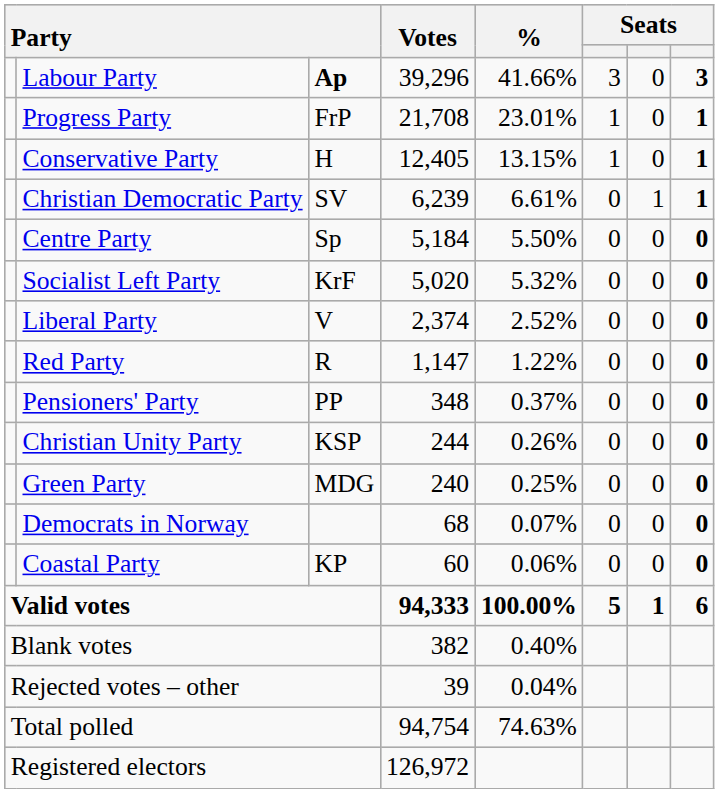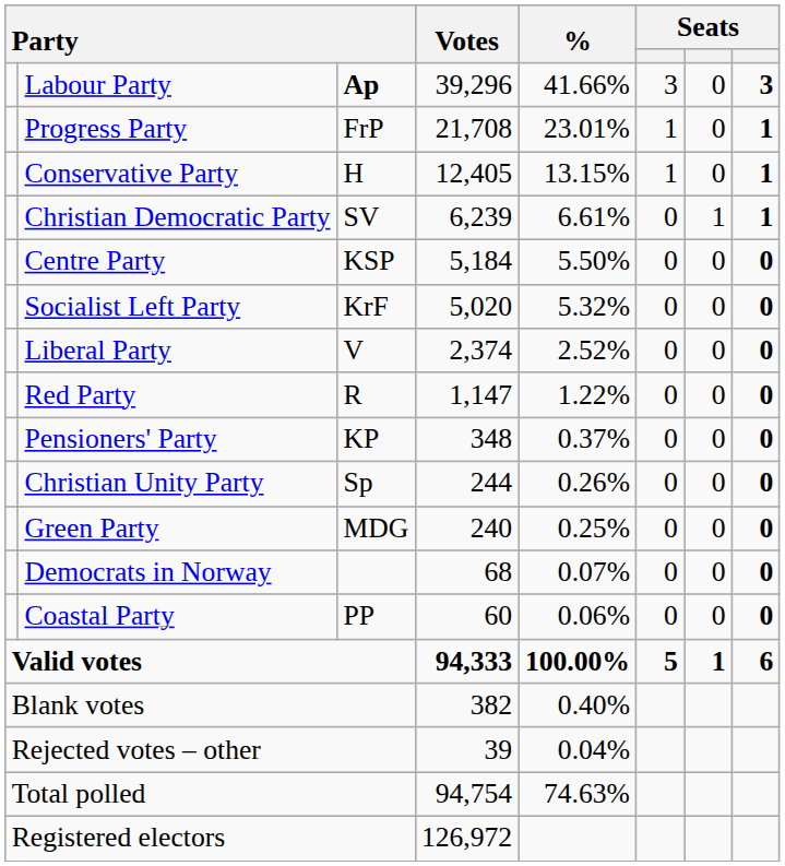 <table class="wikitable" border="1" style="text-align:right;">
 <tr>
 <th style="text-align:left;" valign=bottom rowspan=2 colspan=3>Party</th>
 <th align=center valign=bottom rowspan=2 width="50">Votes</th>
 <th align=center valign=bottom rowspan=2 width="50">%</th>
 <th colspan=3>Seats</th>
 </tr>
 <tr>
 <th align=center valign=bottom width="20"><small></small></th>
 <th align=center valign=bottom width="20"><small><a href='#'></a></small></th>
 <th align=center valign=bottom width="20"><small></small></th>
 </tr>
 <tr>
 <td style="color:inherit;background:"></td>
 <td align=left><a href='#'>Labour Party</a></td>
 <td align=left><strong>Ap</strong></td>
 <td>39,296</td>
 <td>41.66%</td>
 <td>3</td>
 <td>0</td>
 <td><strong>3</strong></td>
 </tr>
 <tr>
 <td style="color:inherit;background:"></td>
 <td align=left><a href='#'>Progress Party</a></td>
 <td align=left>FrP</td>
 <td>21,708</td>
 <td>23.01%</td>
 <td>1</td>
 <td>0</td>
 <td><strong>1</strong></td>
 </tr>
 <tr>
 <td style="color:inherit;background:"></td>
 <td align=left><a href='#'>Conservative Party</a></td>
 <td align=left>H</td>
 <td>12,405</td>
 <td>13.15%</td>
 <td>1</td>
 <td>0</td>
 <td><strong>1</strong></td>
 </tr>
 <tr>
 <td style="color:inherit;background:"></td>
 <td align=left><a href='#'>Christian Democratic Party</a></td>
 <td align=left>SV</td>
 <td>6,239</td>
 <td>6.61%</td>
 <td>0</td>
 <td>1</td>
 <td><strong>1</strong></td>
 </tr>
 <tr>
 <td style="color:inherit;background:"></td>
 <td align=left><a href='#'>Centre Party</a></td>
-<td align=left>Sp</td>
+<td align=left>KSP</td>
 <td>5,184</td>
 <td>5.50%</td>
 <td>0</td>
 <td>0</td>
 <td><strong>0</strong></td>
 </tr>
 <tr>
 <td style="color:inherit;background:"></td>
 <td align=left><a href='#'>Socialist Left Party</a></td>
 <td align=left>KrF</td>
 <td>5,020</td>
 <td>5.32%</td>
 <td>0</td>
 <td>0</td>
 <td><strong>0</strong></td>
 </tr>
 <tr>
 <td style="color:inherit;background:"></td>
 <td align=left><a href='#'>Liberal Party</a></td>
 <td align=left>V</td>
 <td>2,374</td>
 <td>2.52%</td>
 <td>0</td>
 <td>0</td>
 <td><strong>0</strong></td>
 </tr>
 <tr>
 <td style="color:inherit;background:"></td>
 <td align=left><a href='#'>Red Party</a></td>
 <td align=left>R</td>
 <td>1,147</td>
 <td>1.22%</td>
 <td>0</td>
 <td>0</td>
 <td><strong>0</strong></td>
 </tr>
 <tr>
 <td style="color:inherit;background:"></td>
 <td align=left><a href='#'>Pensioners' Party</a></td>
-<td align=left>PP</td>
+<td align=left>KP</td>
 <td>348</td>
 <td>0.37%</td>
 <td>0</td>
 <td>0</td>
 <td><strong>0</strong></td>
 </tr>
 <tr>
 <td style="color:inherit;background:"></td>
 <td align=left><a href='#'>Christian Unity Party</a></td>
-<td align=left>KSP</td>
+<td align=left>Sp</td>
 <td>244</td>
 <td>0.26%</td>
 <td>0</td>
 <td>0</td>
 <td><strong>0</strong></td>
 </tr>
 <tr>
 <td style="color:inherit;background:"></td>
 <td align=left><a href='#'>Green Party</a></td>
 <td align=left>MDG</td>
 <td>240</td>
 <td>0.25%</td>
 <td>0</td>
 <td>0</td>
 <td><strong>0</strong></td>
 </tr>
 <tr>
 <td style="color:inherit;background:"></td>
 <td align=left><a href='#'>Democrats in Norway</a></td>
 <td align=left></td>
 <td>68</td>
 <td>0.07%</td>
 <td>0</td>
 <td>0</td>
 <td><strong>0</strong></td>
 </tr>
 <tr>
 <td style="color:inherit;background:"></td>
 <td align=left><a href='#'>Coastal Party</a></td>
-<td align=left>KP</td>
+<td align=left>PP</td>
 <td>60</td>
 <td>0.06%</td>
 <td>0</td>
 <td>0</td>
 <td><strong>0</strong></td>
 </tr>
 <tr style="font-weight:bold">
 <td align=left colspan=3>Valid votes</td>
 <td>94,333</td>
 <td>100.00%</td>
 <td>5</td>
 <td>1</td>
 <td>6</td>
 </tr>
 <tr>
 <td align=left colspan=3>Blank votes</td>
 <td>382</td>
 <td>0.40%</td>
 <td></td>
 <td></td>
 <td></td>
 </tr>
 <tr>
 <td align=left colspan=3>Rejected votes – other</td>
 <td>39</td>
 <td>0.04%</td>
 <td></td>
 <td></td>
 <td></td>
 </tr>
 <tr>
 <td align=left colspan=3>Total polled</td>
 <td>94,754</td>
 <td>74.63%</td>
 <td></td>
 <td></td>
 <td></td>
 </tr>
 <tr>
 <td align=left colspan=3>Registered electors</td>
 <td>126,972</td>
 <td></td>
 <td></td>
 <td></td>
 <td></td>
 </tr>
 </table>
